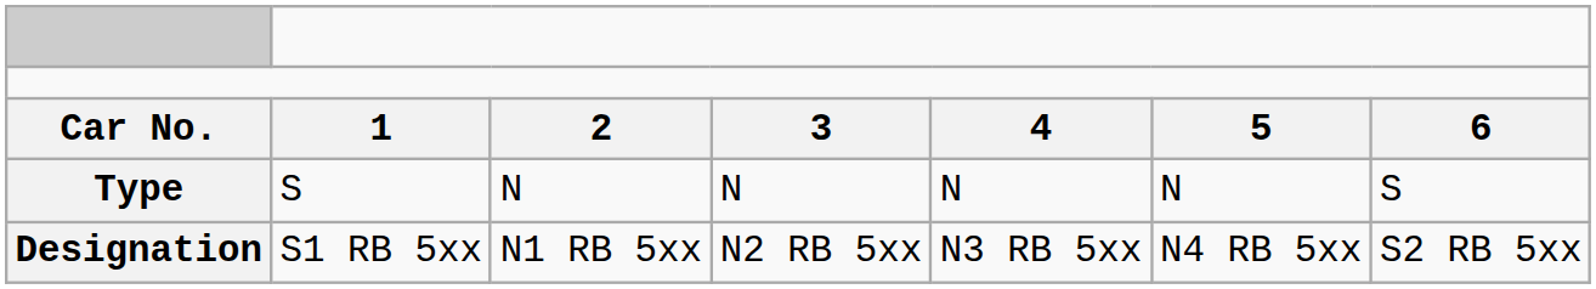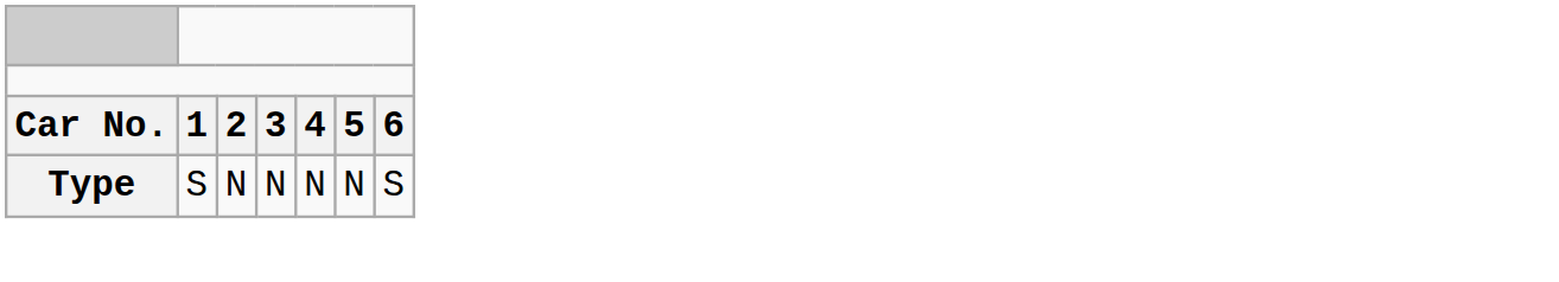 <table class="wikitable">
 <tr>
 <td style="background-color:#ccc;"> </td>
 <td colspan="6"></td>
 </tr>
 <tr style="line-height: 10px; background-color:#">
 <td colspan="7" style="padding:0; border:0;"> </td>
 </tr>
 <tr>
 <th>Car No.</th>
 <th>1</th>
 <th>2</th>
 <th>3</th>
 <th>4</th>
 <th>5</th>
 <th>6</th>
 </tr>
 <tr>
 <th>Type</th>
 <td>S</td>
 <td>N</td>
 <td>N</td>
 <td>N</td>
 <td>N</td>
 <td>S</td>
 </tr>
-<tr>
-<th>Designation</th>
-<td>S1 RB 5xx</td>
-<td>N1 RB 5xx</td>
-<td>N2 RB 5xx</td>
-<td>N3 RB 5xx</td>
-<td>N4 RB 5xx</td>
-<td>S2 RB 5xx</td>
-</tr>
 </table>
